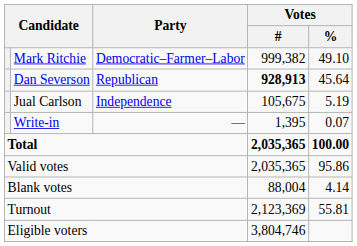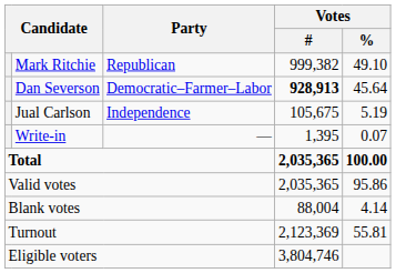 <table class="wikitable">
 <tr>
 <th rowspan="2" colspan="2">Candidate</th>
 <th rowspan="2">Party</th>
 <th colspan="2">Votes</th>
 </tr>
 <tr>
 <th>#</th>
 <th>%</th>
 </tr>
 <tr>
 <th style="background-color:"></th>
 <td><a href='#'>Mark Ritchie</a></td>
-<td><a href='#'>Democratic–Farmer–Labor</a></td>
+<td><a href='#'>Republican</a></td>
 <td align="right">999,382</td>
 <td align="right">49.10</td>
 </tr>
 <tr>
 <th style="background-color:"></th>
 <td><a href='#'>Dan Severson</a></td>
-<td><a href='#'>Republican</a></td>
+<td><a href='#'>Democratic–Farmer–Labor</a></td>
 <td align="right"><strong>928,913</strong></td>
 <td align="right">45.64</td>
 </tr>
 <tr>
 <th style="background-color:"></th>
 <td>Jual Carlson</td>
 <td><a href='#'>Independence</a></td>
 <td align="right">105,675</td>
 <td align="right">5.19</td>
 </tr>
 <tr>
 <th style="background-color:"></th>
 <td><a href='#'>Write-in</a></td>
 <td align="right">—</td>
 <td align="right">1,395</td>
 <td align="right">0.07</td>
 </tr>
 <tr>
 <td colspan="3" align="left"><strong>Total</strong></td>
 <td align="right"><strong>2,035,365</strong></td>
 <td align="right"><strong>100.00</strong></td>
 </tr>
 <tr>
 <td colspan="3" align="left">Valid votes</td>
 <td align="right">2,035,365</td>
 <td align="right">95.86</td>
 </tr>
 <tr>
 <td colspan="3" align="left">Blank votes</td>
 <td align="right">88,004</td>
 <td align="right">4.14</td>
 </tr>
 <tr>
 <td colspan="3" align="left">Turnout</td>
 <td align="right">2,123,369</td>
 <td align="right">55.81</td>
 </tr>
 <tr>
 <td colspan="3" align="left">Eligible voters</td>
 <td align="right">3,804,746</td>
 <td align="right"></td>
 </tr>
 </table>
